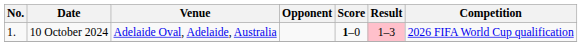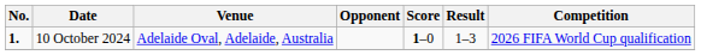 <table class="wikitable">
 <tr>
 <th>No.</th>
 <th>Date</th>
 <th>Venue</th>
 <th>Opponent</th>
 <th>Score</th>
 <th>Result</th>
 <th>Competition</th>
 </tr>
 <tr>
-<td>1.</td>
+<td><strong>1.</strong></td>
 <td>10 October 2024</td>
 <td><a href='#'>Adelaide Oval</a>, <a href='#'>Adelaide</a>, <a href='#'>Australia</a></td>
 <td></td>
 <td align=center><strong>1</strong>–0</td>
-<td align=center style="background: pink;">1–3</td>
+<td align=center>1–3</td>
 <td><a href='#'>2026 FIFA World Cup qualification</a></td>
 </tr>
 <tr>
 </tr>
 </table>
